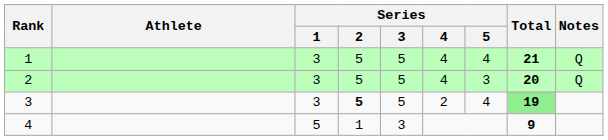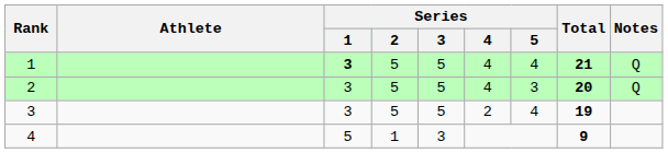 <table class="wikitable" style="text-align:center">
 <tr>
 <th rowspan=2 width=40>Rank</th>
 <th rowspan=2 width=230>Athlete</th>
 <th colspan=5>Series</th>
 <th rowspan=2 width=40>Total</th>
 <th rowspan=2 width=40>Notes</th>
 </tr>
 <tr bgcolor=bbffbb>
 <th width=35>1</th>
 <th width=35>2</th>
 <th width=35>3</th>
 <th width=35>4</th>
 <th width=35>5</th>
 </tr>
 <tr bgcolor=bbffbb>
 <td>1</td>
 <td align=left></td>
-<td>3</td>
+<td><strong>3</strong></td>
 <td>5</td>
 <td>5</td>
 <td>4</td>
 <td>4</td>
 <td><strong>21</strong></td>
 <td>Q</td>
 </tr>
 <tr bgcolor=bbffbb>
 <td>2</td>
 <td align=left></td>
 <td>3</td>
 <td>5</td>
 <td>5</td>
 <td>4</td>
 <td>3</td>
 <td><strong>20</strong></td>
 <td>Q</td>
 </tr>
 <tr>
 <td>3</td>
 <td align=left></td>
 <td>3</td>
-<td><strong>5</strong></td>
+<td>5</td>
 <td>5</td>
 <td>2</td>
 <td>4</td>
-<td style="background: lightgreen;"><strong>19</strong></td>
+<td><strong>19</strong></td>
 <td></td>
 </tr>
 <tr>
 <td>4</td>
 <td align=left></td>
 <td>5</td>
 <td>1</td>
 <td>3</td>
 <td colspan=2></td>
 <td><strong>9</strong></td>
 <td></td>
 </tr>
 </table>
